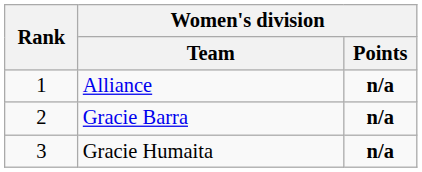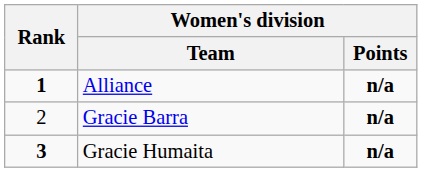 <table class="wikitable" style="text-align:center;">
 <tr>
 <th rowspan="2" width="50">Rank</th>
 <th colspan="2">Women's division</th>
 </tr>
 <tr>
 <th width="200">Team</th>
 <th width="50">Points</th>
 </tr>
 <tr>
-<td>1</td>
+<td><strong>1</strong></td>
 <td style=text-align:left><a href='#'>Alliance</a></td>
 <td><strong>n/a</strong></td>
 </tr>
 <tr>
 <td>2</td>
 <td style=text-align:left><a href='#'>Gracie Barra</a></td>
 <td><strong>n/a</strong></td>
 </tr>
 <tr>
-<td>3</td>
+<td><strong>3</strong></td>
 <td style=text-align:left>Gracie Humaita</td>
 <td><strong>n/a</strong></td>
 </tr>
 </table>
